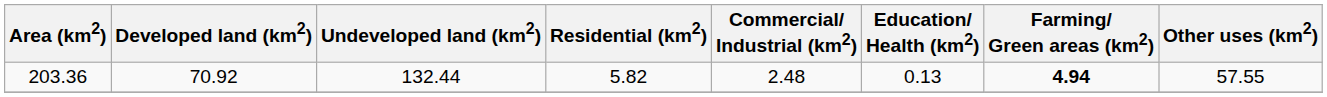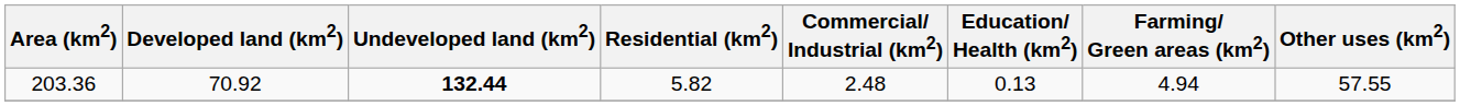 <table class="wikitable" style="text-align: center;">
 <tr>
 <th>Area (km<sup>2</sup>)</th>
 <th>Developed land (km<sup>2</sup>)</th>
 <th>Undeveloped land (km<sup>2</sup>)</th>
 <th>Residential (km<sup>2</sup>)</th>
 <th>Commercial/<br> Industrial (km<sup>2</sup>)</th>
 <th>Education/<br> Health (km<sup>2</sup>)</th>
 <th>Farming/<br> Green areas (km<sup>2</sup>)</th>
 <th>Other uses (km<sup>2</sup>)</th>
 </tr>
 <tr>
 <td>203.36</td>
 <td>70.92</td>
-<td>132.44</td>
+<td><strong>132.44</strong></td>
 <td>5.82</td>
 <td>2.48</td>
 <td>0.13</td>
-<td><strong>4.94</strong></td>
+<td>4.94</td>
 <td>57.55</td>
 </tr>
 <tr>
 </tr>
 </table>
